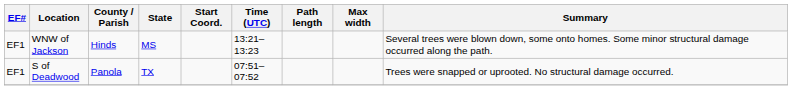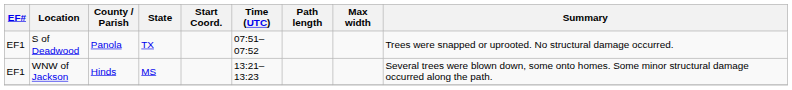 <table class="wikitable sortable" style="width:100%;">
 <tr>
 <th scope="col"  style="width:3%; text-align:center;"><a href='#'>EF#</a></th>
 <th scope="col"  style="width:7%; text-align:center;" class="unsortable">Location</th>
 <th scope="col"  style="width:6%; text-align:center;" class="unsortable">County / Parish</th>
 <th scope="col"  style="width:5%; text-align:center;">State</th>
 <th scope="col"  style="width:6%; text-align:center;">Start Coord.</th>
 <th scope="col"  style="width:6%; text-align:center;">Time (<a href='#'>UTC</a>)</th>
 <th scope="col"  style="width:6%; text-align:center;">Path length</th>
 <th scope="col"  style="width:6%; text-align:center;">Max width</th>
 <th scope="col" class="unsortable" style="width:48%; text-align:center;">Summary</th>
 </tr>
 <tr>
 <td>EF1</td>
+<td>S of <a href='#'>Deadwood</a></td>
+<td><a href='#'>Panola</a></td>
+<td><a href='#'>TX</a></td>
+<td></td>
+<td>07:51–07:52</td>
+<td></td>
+<td></td>
+<td>Trees were snapped or uprooted. No structural damage occurred.</td>
+</tr>
+<tr>
+<td>EF1</td>
 <td>WNW of <a href='#'>Jackson</a></td>
 <td><a href='#'>Hinds</a></td>
 <td><a href='#'>MS</a></td>
 <td></td>
 <td>13:21–13:23</td>
 <td></td>
 <td></td>
 <td>Several trees were blown down, some onto homes. Some minor structural damage occurred along the path.</td>
 </tr>
 <tr>
-<td>EF1</td>
-<td>S of <a href='#'>Deadwood</a></td>
-<td><a href='#'>Panola</a></td>
-<td><a href='#'>TX</a></td>
-<td></td>
-<td>07:51–07:52</td>
-<td></td>
-<td></td>
-<td>Trees were snapped or uprooted. No structural damage occurred.</td>
-</tr>
-<tr>
 </tr>
 </table>
